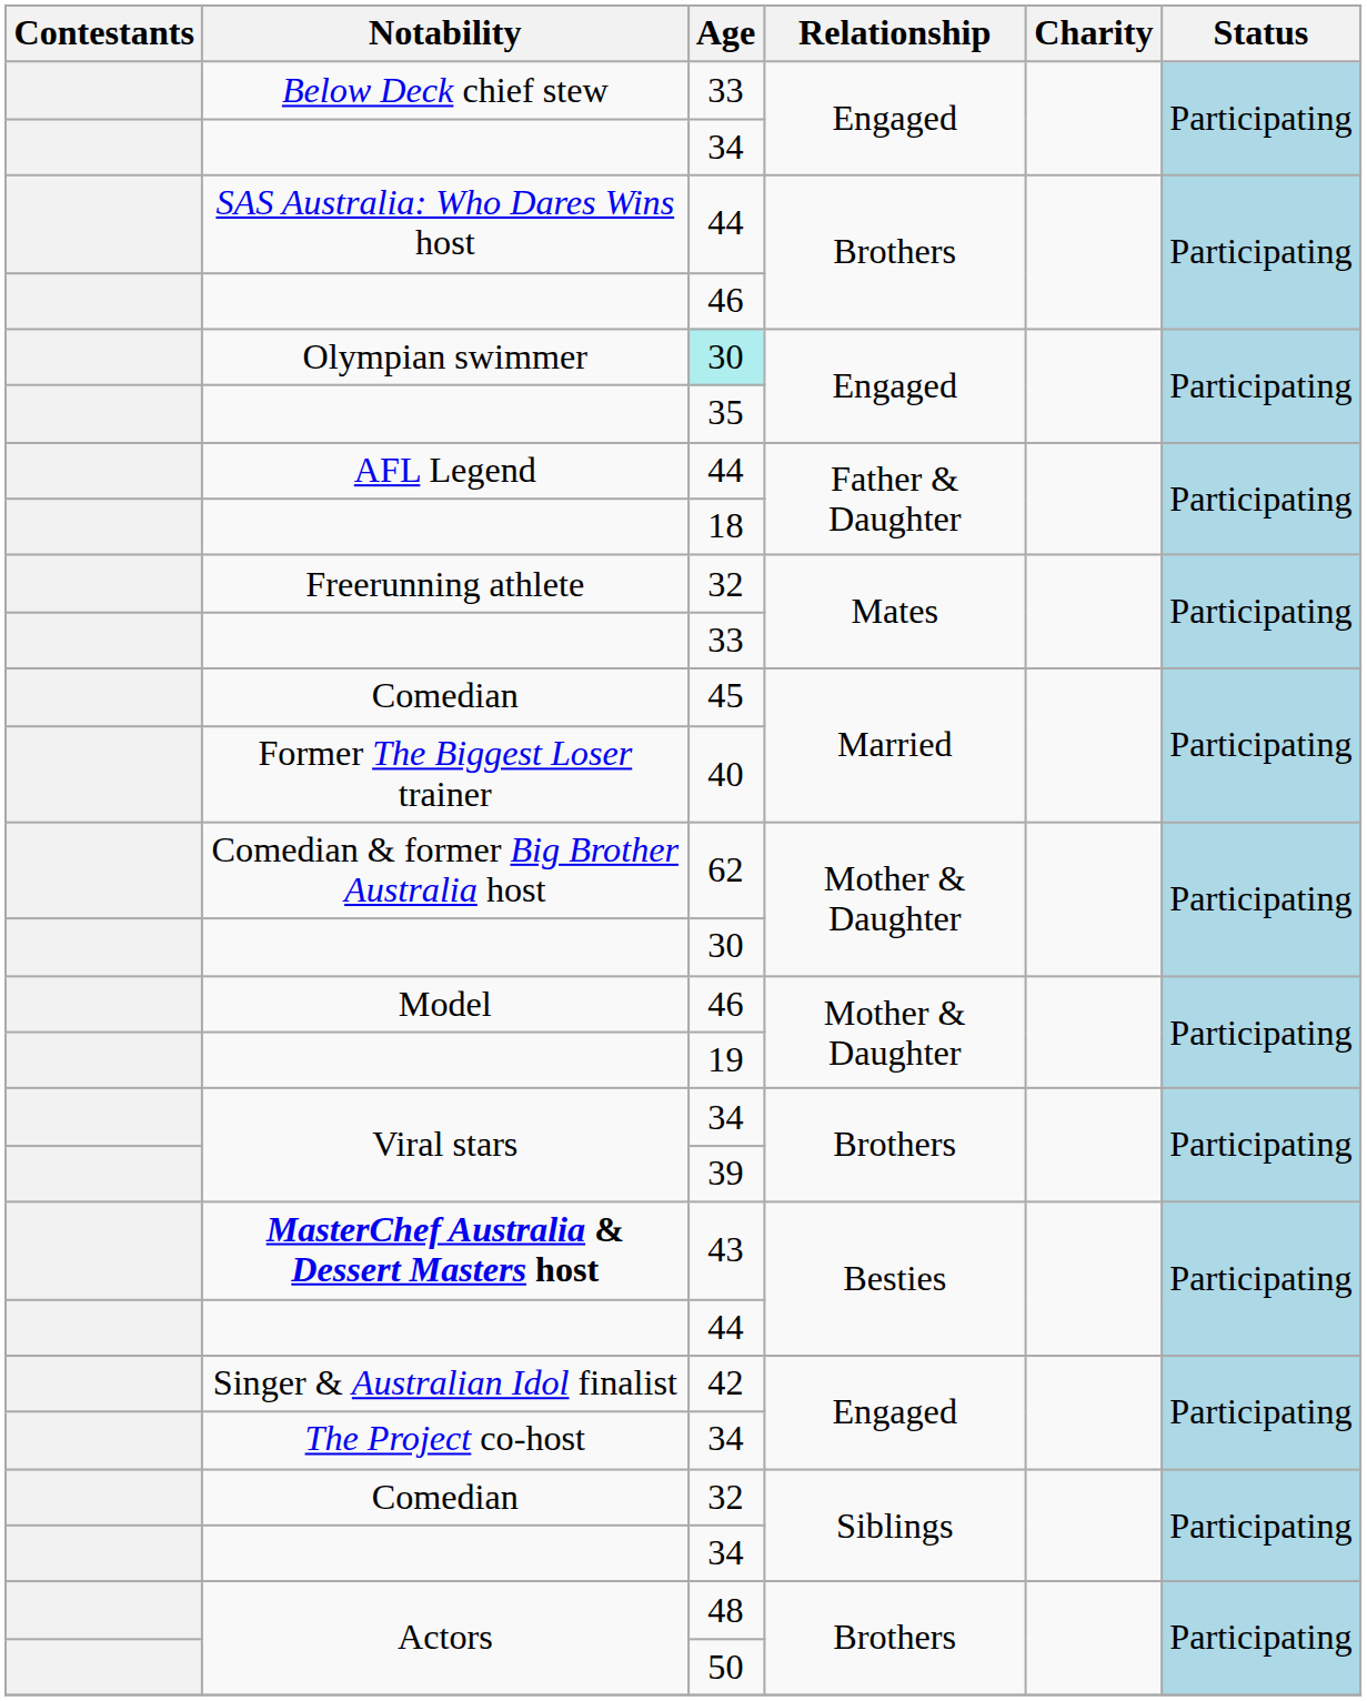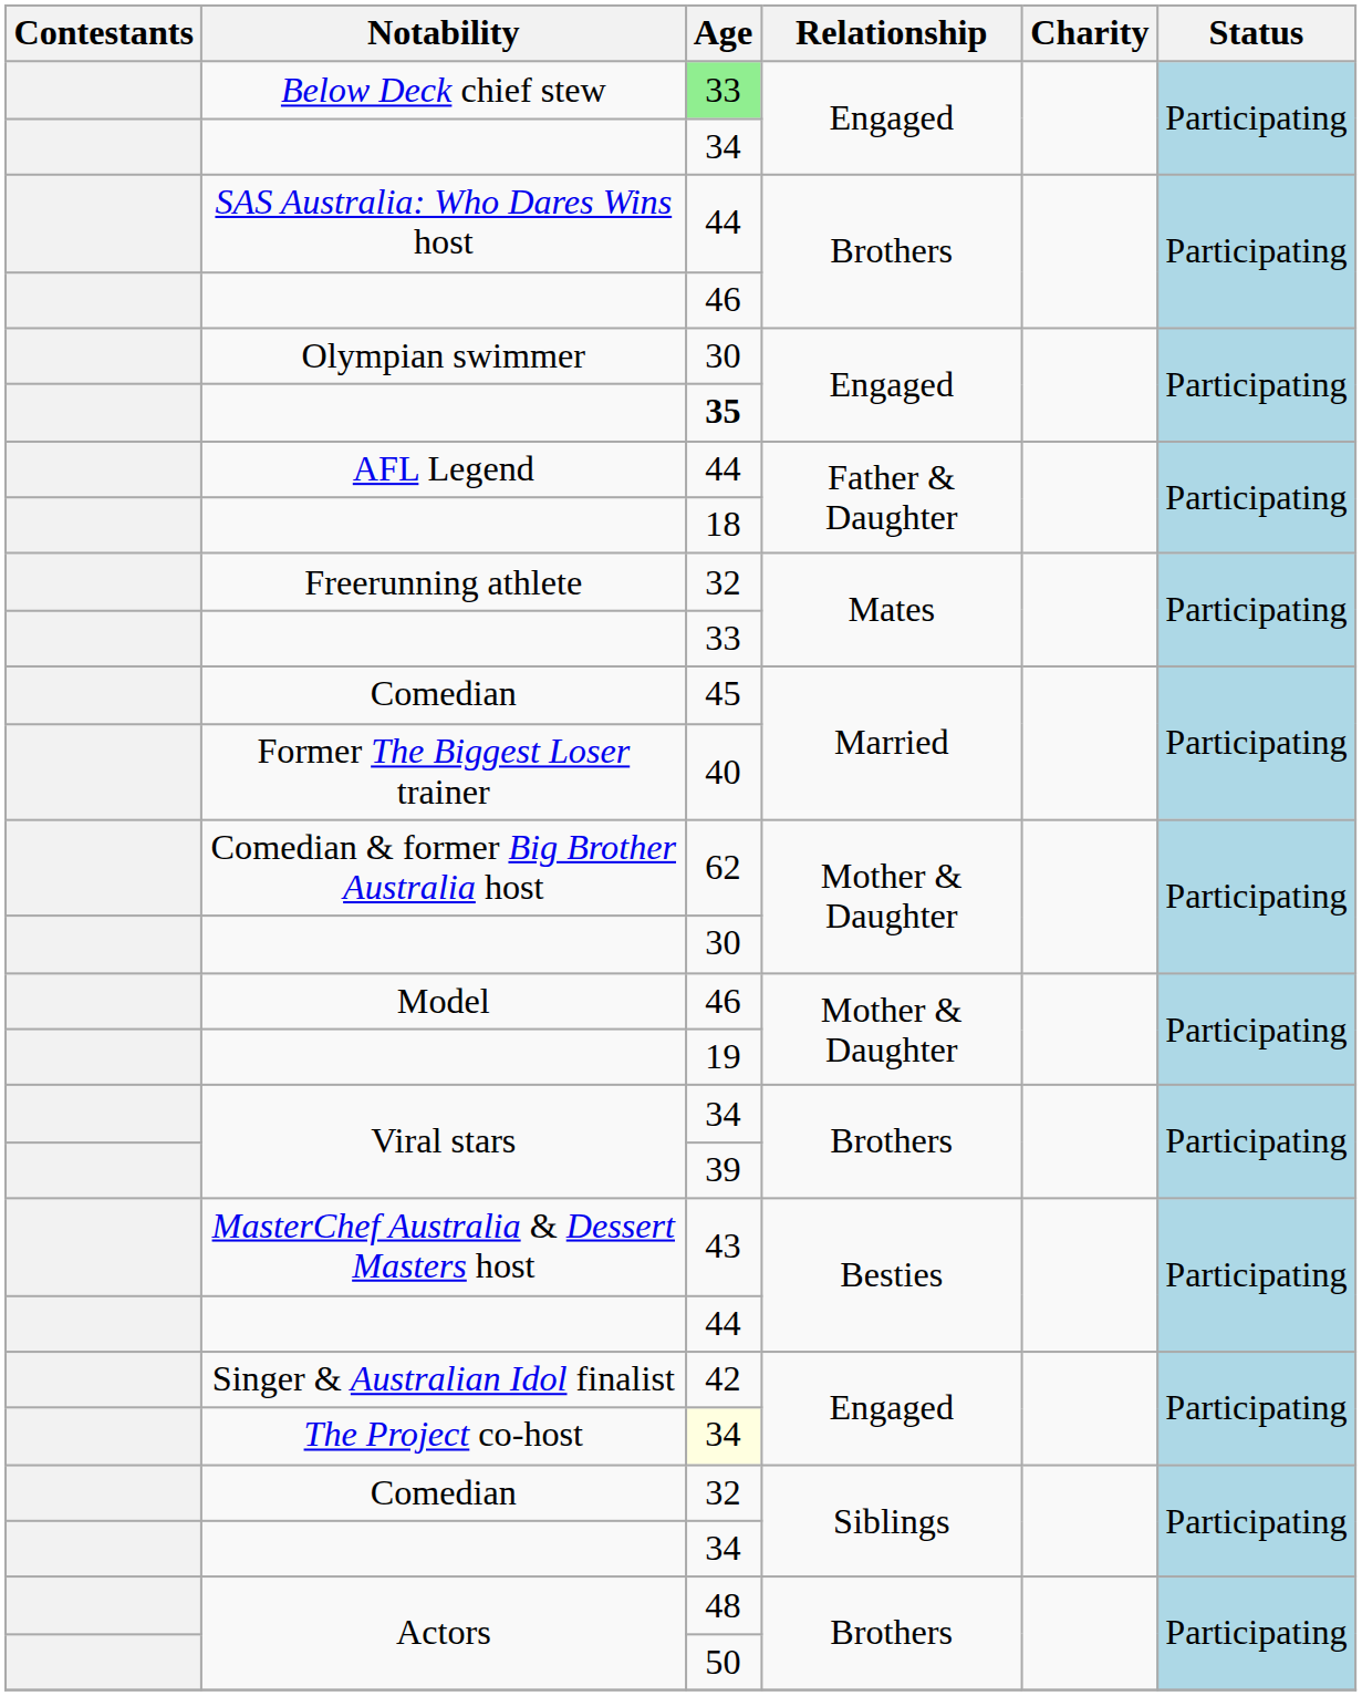 <table class="wikitable sortable" style="text-align:center;">
 <tr>
 <th scope="col">Contestants</th>
 <th scope="col" class="unsortable">Notability</th>
 <th scope="col">Age</th>
 <th scope="col" class="unsortable">Relationship</th>
 <th scope="col">Charity</th>
 <th scope="col">Status</th>
 </tr>
 <tr>
 <th scope="row"></th>
 <td><em><a href='#'>Below Deck</a></em> chief stew</td>
-<td>33</td>
+<td style="background: lightgreen;">33</td>
 <td rowspan="2">Engaged</td>
 <td rowspan="2"></td>
 <td rowspan="2" bgcolor="lightblue">Participating</td>
 </tr>
 <tr>
 <th scope="row"></th>
 <td></td>
 <td>34</td>
 </tr>
 <tr>
 <th scope="row"></th>
 <td><em><a href='#'>SAS Australia: Who Dares Wins</a></em> host</td>
 <td>44</td>
 <td rowspan="2">Brothers</td>
 <td rowspan="2"></td>
 <td rowspan="2" bgcolor="lightblue">Participating</td>
 </tr>
 <tr>
 <th scope="row"></th>
 <td></td>
 <td>46</td>
 </tr>
 <tr>
 <th scope="row"></th>
 <td>Olympian swimmer</td>
-<td style="background: paleturquoise;">30</td>
+<td>30</td>
 <td rowspan="2">Engaged</td>
 <td rowspan="2"></td>
 <td rowspan="2" bgcolor="lightblue">Participating</td>
 </tr>
 <tr>
 <th scope="row"></th>
 <td></td>
-<td>35</td>
+<td><strong>35</strong></td>
 </tr>
 <tr>
 <th scope="row"></th>
 <td><a href='#'>AFL</a> Legend</td>
 <td>44</td>
 <td rowspan="2">Father & Daughter</td>
 <td rowspan="2"></td>
 <td rowspan="2" bgcolor="lightblue">Participating</td>
 </tr>
 <tr>
 <th scope="row"></th>
 <td></td>
 <td>18</td>
 </tr>
 <tr>
 <th scope="row"></th>
 <td>Freerunning athlete</td>
 <td>32</td>
 <td rowspan="2">Mates</td>
 <td rowspan="2"></td>
 <td rowspan="2" bgcolor="lightblue">Participating</td>
 </tr>
 <tr>
 <th scope="row"></th>
 <td></td>
 <td>33</td>
 </tr>
 <tr>
 <th scope="row"></th>
 <td>Comedian</td>
 <td>45</td>
 <td rowspan="2">Married</td>
 <td rowspan="2"></td>
 <td rowspan="2" bgcolor="lightblue">Participating</td>
 </tr>
 <tr>
 <th scope="row"></th>
 <td>Former <em><a href='#'>The Biggest Loser</a></em> trainer</td>
 <td>40</td>
 </tr>
 <tr>
 <th scope="row"></th>
 <td>Comedian & former <em><a href='#'>Big Brother Australia</a></em> host</td>
 <td>62</td>
 <td rowspan="2">Mother & Daughter</td>
 <td rowspan="2"></td>
 <td rowspan="2" bgcolor="lightblue">Participating</td>
 </tr>
 <tr>
 <th scope="row"></th>
 <td></td>
 <td>30</td>
 </tr>
 <tr>
 <th scope="row"></th>
 <td>Model</td>
 <td>46</td>
 <td rowspan="2">Mother & Daughter</td>
 <td rowspan="2"></td>
 <td rowspan="2" bgcolor="lightblue">Participating</td>
 </tr>
 <tr>
 <th scope="row"></th>
 <td></td>
 <td>19</td>
 </tr>
 <tr>
 <th scope="row"></th>
 <td rowspan="2">Viral stars</td>
 <td>34</td>
 <td rowspan="2">Brothers</td>
 <td rowspan="2"></td>
 <td rowspan="2" bgcolor="lightblue">Participating</td>
 </tr>
 <tr>
 <th scope="row"></th>
 <td>39</td>
 </tr>
 <tr>
 <th scope="row"></th>
-<td><strong><em><a href='#'>MasterChef Australia</a></em> & <em><a href='#'>Dessert Masters</a></em> host</strong></td>
+<td><em><a href='#'>MasterChef Australia</a></em> & <em><a href='#'>Dessert Masters</a></em> host</td>
 <td>43</td>
 <td rowspan="2">Besties</td>
 <td rowspan="2"></td>
 <td rowspan="2" bgcolor="lightblue">Participating</td>
 </tr>
 <tr>
 <th scope="row"></th>
 <td></td>
 <td>44</td>
 </tr>
 <tr>
 <th scope="row"></th>
 <td>Singer & <em><a href='#'>Australian Idol</a></em> finalist</td>
 <td>42</td>
 <td rowspan="2">Engaged</td>
 <td rowspan="2"></td>
 <td rowspan="2" bgcolor="lightblue">Participating</td>
 </tr>
 <tr>
 <th scope="row"></th>
 <td><em><a href='#'>The Project</a></em> co-host</td>
-<td>34</td>
+<td style="background: lightyellow;">34</td>
 </tr>
 <tr>
 <th scope="row"></th>
 <td>Comedian</td>
 <td>32</td>
 <td rowspan="2">Siblings</td>
 <td rowspan="2"></td>
 <td rowspan="2" bgcolor="lightblue">Participating</td>
 </tr>
 <tr>
 <th scope="row"></th>
 <td></td>
 <td>34</td>
 </tr>
 <tr>
 <th scope="row"></th>
 <td rowspan="2">Actors</td>
 <td>48</td>
 <td rowspan="2">Brothers</td>
 <td rowspan="2"></td>
 <td rowspan="2" bgcolor="lightblue">Participating</td>
 </tr>
 <tr>
 <th scope="row"></th>
 <td>50</td>
 </tr>
 <tr>
 </tr>
 </table>
